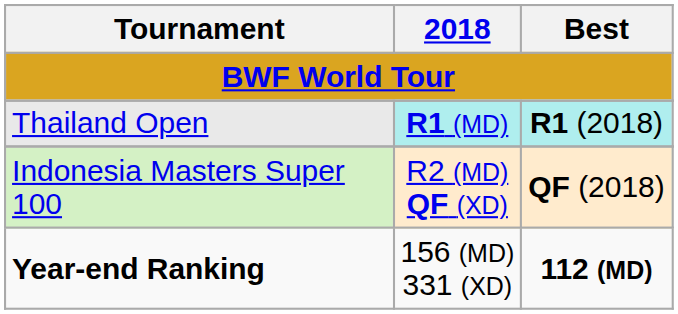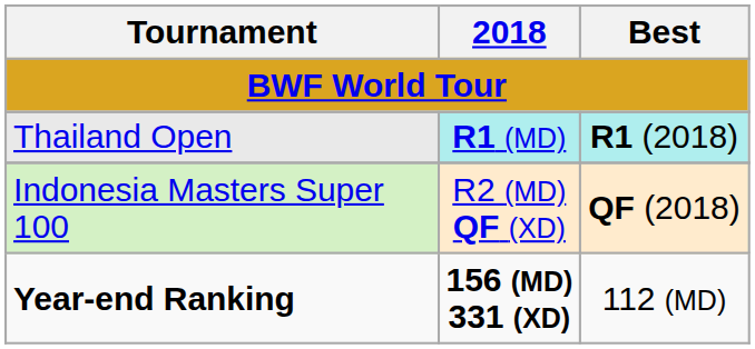 <table style='font-size: 90%; text-align:center;' class='wikitable'>
 <tr>
 <th width=180>Tournament</th>
 <th><a href='#'>2018</a></th>
 <th>Best</th>
 </tr>
 <tr bgcolor=DAA520>
 <td colspan=20 align=center><strong><a href='#'>BWF World Tour</a></strong></td>
 </tr>
 <tr>
 </tr>
 <tr bgcolor=#E9E9E9>
 <td align=left> <a href='#'>Thailand Open</a></td>
 <td bgcolor=AFEEEE><a href='#'><strong>R1</strong> <small>(MD)</small></a></td>
 <td bgcolor=AFEEEE><strong>R1</strong> (2018)</td>
 </tr>
 <tr>
 </tr>
 <tr bgcolor=#D4F1C5>
 <td align=left> <a href='#'>Indonesia Masters Super 100</a></td>
 <td bgcolor=FFEBCD><a href='#'>R2 <small>(MD)</small></a> <br> <a href='#'><strong>QF</strong> <small>(XD)</small></a></td>
 <td bgcolor=FFEBCD><strong>QF</strong> (2018)</td>
 </tr>
 <tr>
 <td align=left><strong>Year-end Ranking</strong></td>
-<td align=center>156 <small>(MD)</small> <br> 331 <small>(XD)</small></td>
-<td align=center><strong>112 <small>(MD)</small></strong></td>
+<td align=center><strong>156 <small>(MD)</small> <br> 331 <small>(XD)</small></strong></td>
+<td align=center>112 <small>(MD)</small></td>
 </tr>
 </table>
